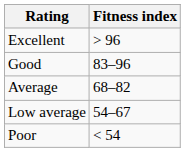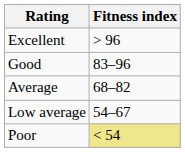 <table class="wikitable">
 <tr>
 <th>Rating</th>
 <th>Fitness index</th>
 </tr>
 <tr dycjhgcghfzgsrsmgfsfhgfewterrfdfgrErgdgfe>
 <td>Excellent</td>
 <td>> 96</td>
 </tr>
 <tr>
 <td>Good</td>
 <td>83–96</td>
 </tr>
 <tr>
 <td>Average</td>
 <td>68–82</td>
 </tr>
 <tr>
 <td>Low average</td>
 <td>54–67</td>
 </tr>
 <tr>
 <td>Poor</td>
-<td>< 54</td>
+<td style="background: khaki;">< 54</td>
 </tr>
 </table>
